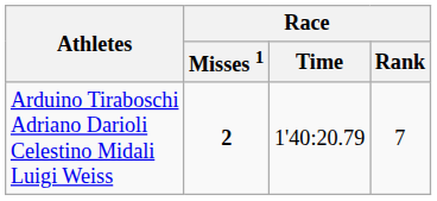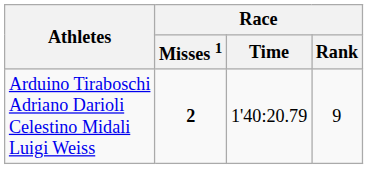 <table class="wikitable" border="1" style="font-size:90%">
 <tr>
 <th rowspan=2>Athletes</th>
 <th colspan=3>Race</th>
 </tr>
 <tr>
 <th>Misses <sup>1</sup></th>
 <th>Time</th>
 <th>Rank</th>
 </tr>
 <tr>
 <td><a href='#'>Arduino Tiraboschi</a><br><a href='#'>Adriano Darioli</a><br><a href='#'>Celestino Midali</a><br><a href='#'>Luigi Weiss</a></td>
 <td align=center><strong>2</strong></td>
 <td align=center>1'40:20.79</td>
-<td align=center>7</td>
+<td align=center>9</td>
 </tr>
 </table>
